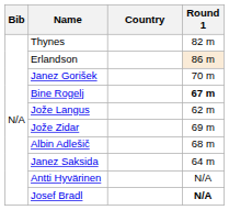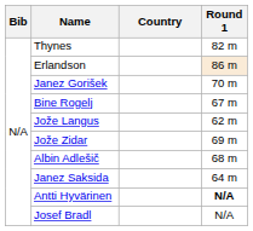 <table class="wikitable collapsible autocollapse sortable" cellpadding="3" cellspacing="0" border="1" style="background:#fff; font-size:86%; width:23%; line-height:16px; border:grey solid 1px; border-collapse:collapse;">
 <tr>
 <th width="25">Bib</th>
 <th width="110">Name</th>
 <th width="105">Country</th>
 <th width="50">Round 1</th>
 </tr>
 <tr>
 <td align=center rowspan=10>N/A</td>
 <td>Thynes</td>
 <td></td>
 <td align=center>82 m</td>
 </tr>
 <tr>
 <td>Erlandson</td>
 <td></td>
 <td align=center bgcolor=#FAEBD7>86 m</td>
 </tr>
 <tr>
 <td><a href='#'>Janez Gorišek</a></td>
 <td></td>
 <td align=center>70 m</td>
 </tr>
 <tr>
 <td><a href='#'>Bine Rogelj</a></td>
 <td></td>
-<td align=center><strong>67 m</strong></td>
+<td align=center>67 m</td>
 </tr>
 <tr>
 <td><a href='#'>Jože Langus</a></td>
 <td></td>
 <td align=center>62 m</td>
 </tr>
 <tr>
 <td><a href='#'>Jože Zidar</a></td>
 <td></td>
 <td align=center>69 m</td>
 </tr>
 <tr>
 <td><a href='#'>Albin Adlešič</a></td>
 <td></td>
 <td align=center>68 m</td>
 </tr>
 <tr>
 <td><a href='#'>Janez Saksida</a></td>
 <td></td>
 <td align=center>64 m</td>
 </tr>
 <tr>
 <td><a href='#'>Antti Hyvärinen</a></td>
 <td></td>
-<td align=center>N/A</td>
+<td align=center><strong>N/A</strong></td>
 </tr>
 <tr>
 <td><a href='#'>Josef Bradl</a></td>
 <td></td>
-<td align=center><strong>N/A</strong></td>
+<td align=center>N/A</td>
 </tr>
 </table>
